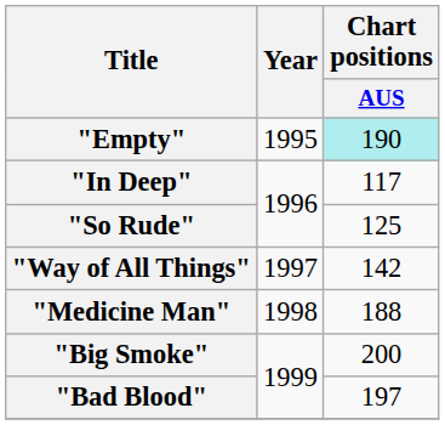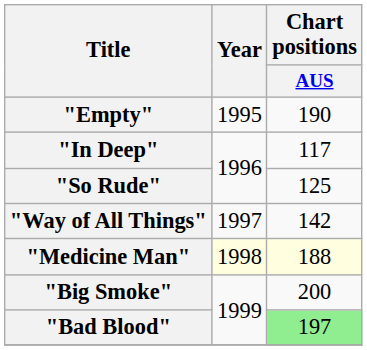 <table class="wikitable plainrowheaders" style="text-align:center;">
 <tr>
 <th rowspan="2">Title</th>
 <th rowspan="2">Year</th>
 <th colspan="1">Chart positions</th>
 </tr>
 <tr>
 <th scope="col" style="width:3em;font-size:85%;"><a href='#'>AUS</a><br></th>
 </tr>
 <tr>
 <th scope="row">"Empty"</th>
 <td>1995</td>
-<td style="background: paleturquoise;">190</td>
+<td>190</td>
 </tr>
 <tr>
 <th scope="row">"In Deep"</th>
 <td rowspan="2">1996</td>
 <td>117</td>
 </tr>
 <tr>
 <th scope="row">"So Rude"</th>
 <td>125</td>
 </tr>
 <tr>
 <th scope="row">"Way of All Things"</th>
 <td>1997</td>
 <td>142</td>
 </tr>
 <tr>
 <th scope="row">"Medicine Man"</th>
-<td>1998</td>
-<td>188</td>
+<td style="background: lightyellow;">1998</td>
+<td style="background: lightyellow;">188</td>
 </tr>
 <tr>
 <th scope="row">"Big Smoke"</th>
 <td rowspan="2">1999</td>
 <td>200</td>
 </tr>
 <tr>
 <th scope="row">"Bad Blood"</th>
-<td>197</td>
+<td style="background: lightgreen;">197</td>
 </tr>
 <tr>
 </tr>
 </table>
